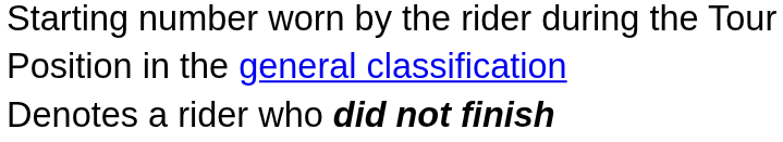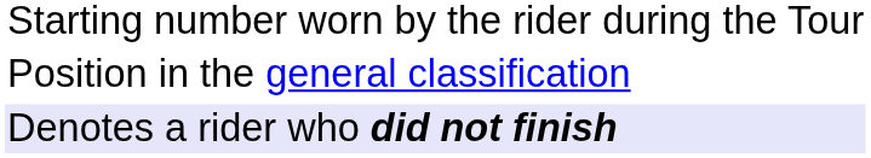 <table>
 <tr>
 <td>Starting number worn by the rider during the Tour</td>
 </tr>
 <tr>
 <td>Position in the <a href='#'>general classification</a></td>
 </tr>
 <tr>
-<td>Denotes a rider who <strong><em>did not finish</em></strong></td>
+<td style="background: lavender;">Denotes a rider who <strong><em>did not finish</em></strong></td>
 </tr>
 </table>
